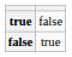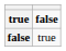 <table class="wikitable" style="text-align: center">
 <tr>
 <th></th>
 <th></th>
 </tr>
 <tr>
 <th>true</th>
-<td>false</td>
+<td><strong>false</strong></td>
 </tr>
 <tr>
 <th>false</th>
 <td>true</td>
 </tr>
 </table>
